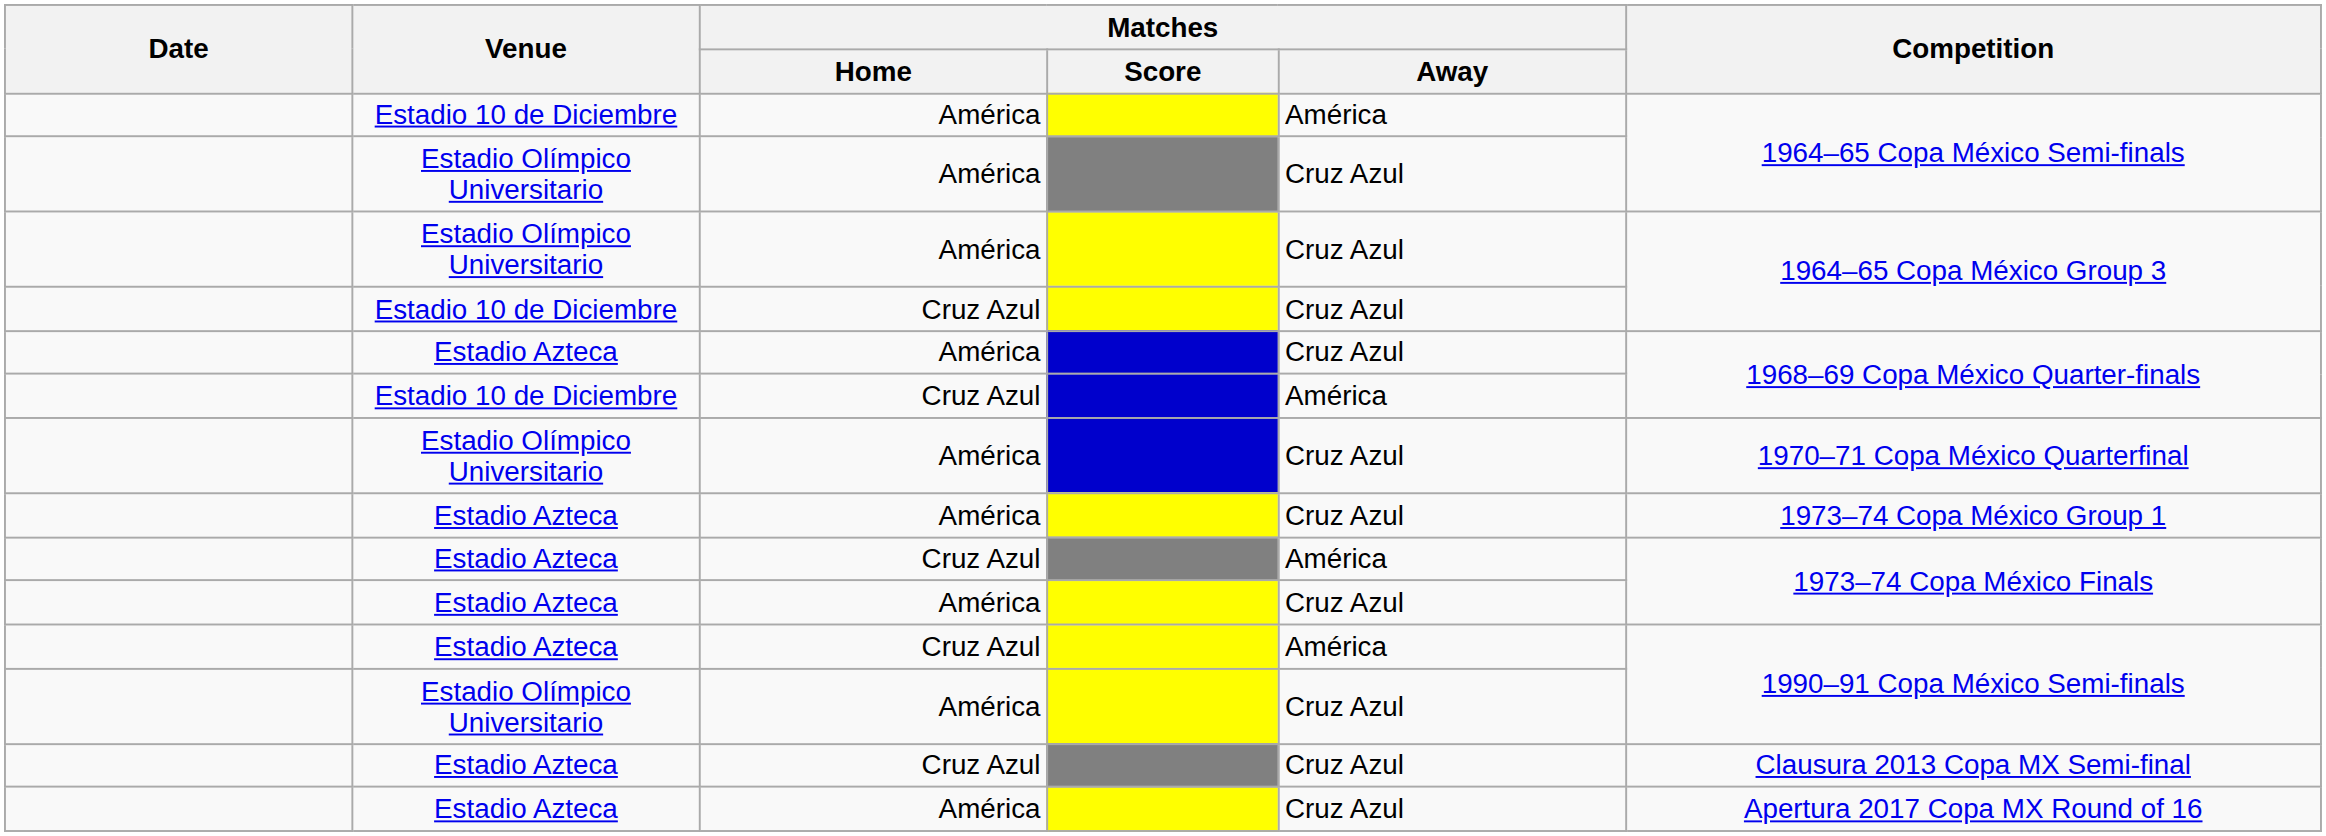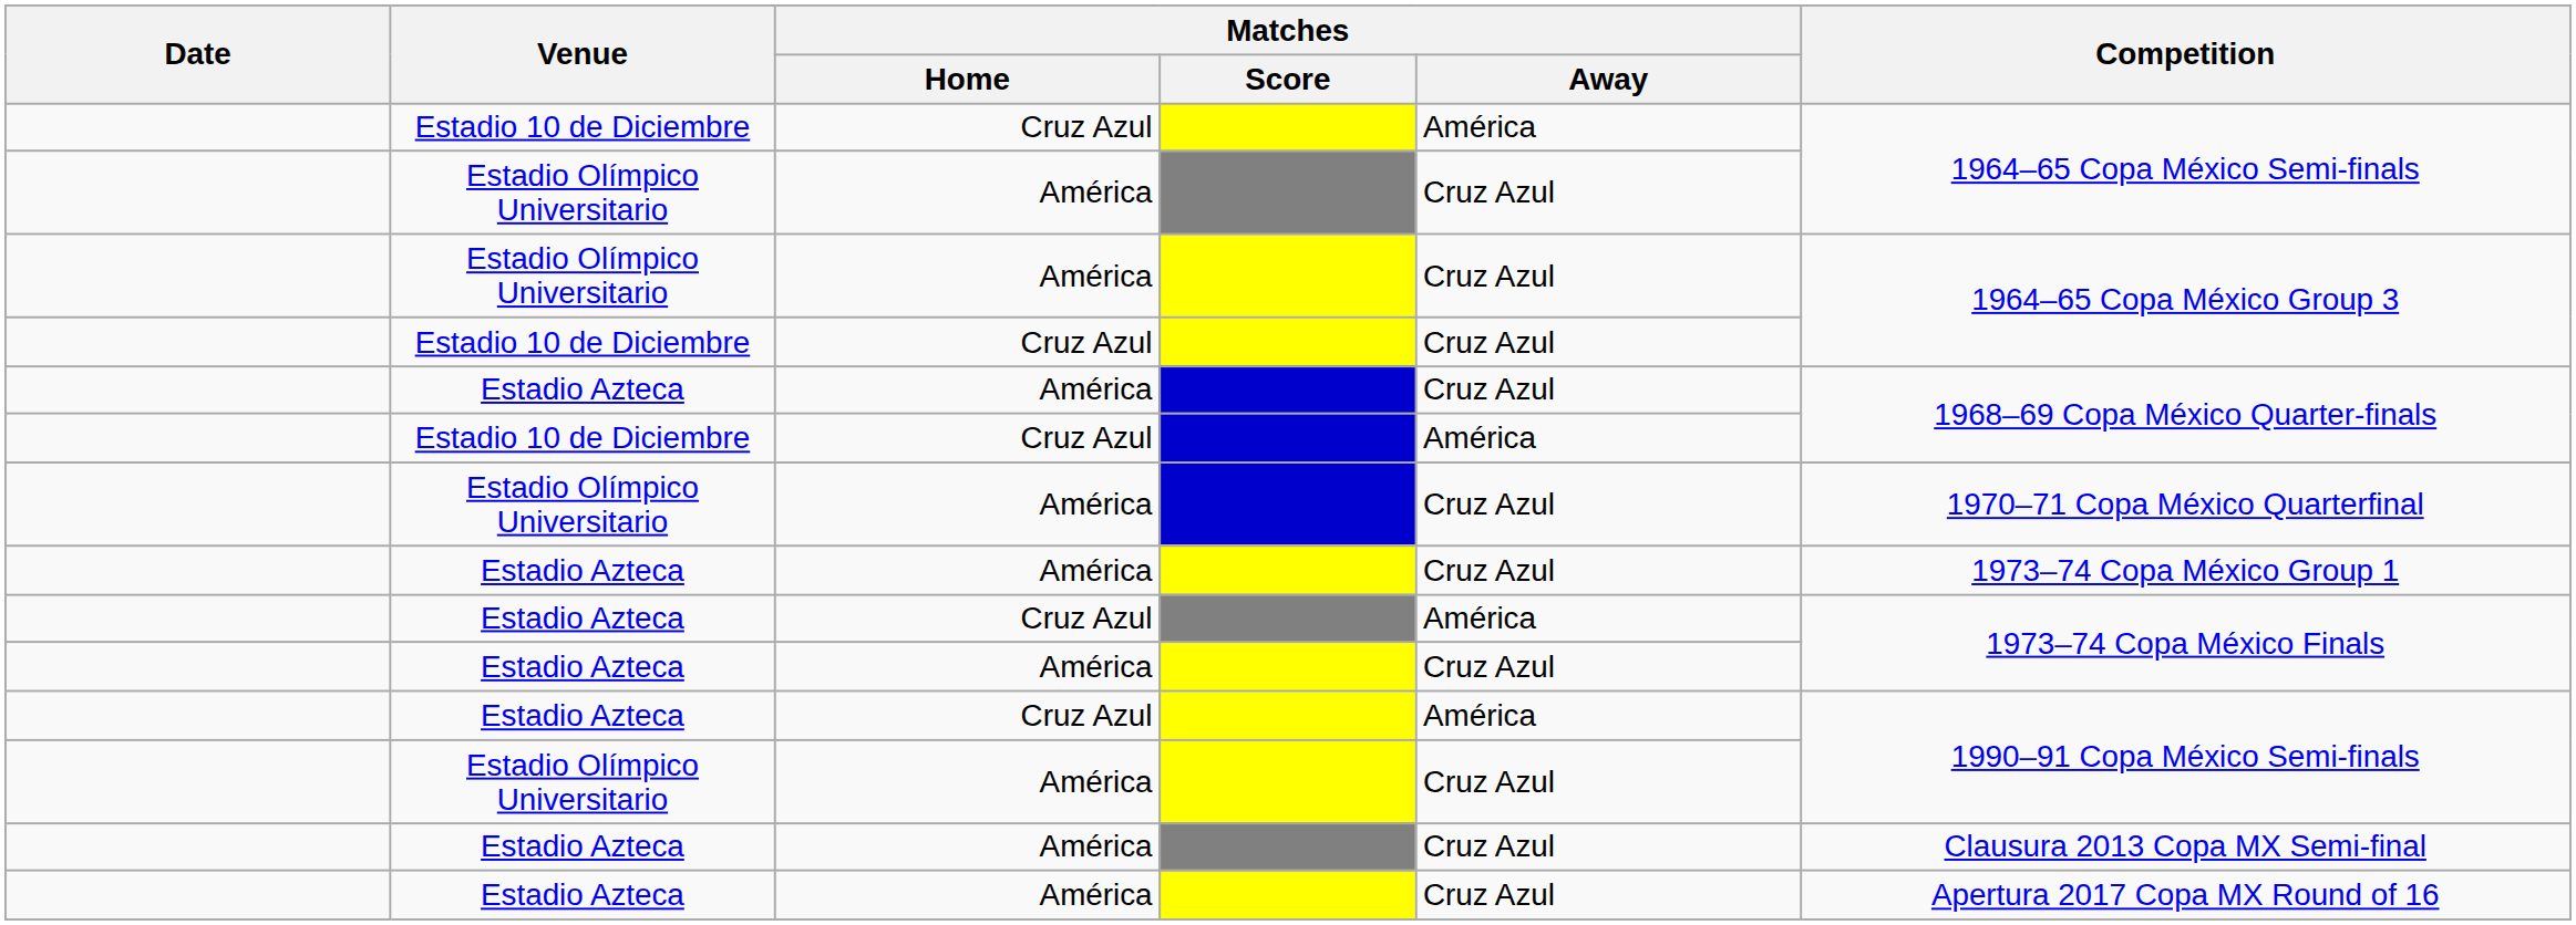 <table class="wikitable" style="font-size:90%;width:95%;text-align:center">
 <tr>
 <th rowspan="2" width="15%">Date</th>
 <th rowspan="2" width="15%">Venue</th>
 <th colspan="3" width="40%">Matches</th>
 <th rowspan="2" width="30%">Competition</th>
 </tr>
 <tr>
 <th width="15%">Home</th>
 <th width="10%">Score</th>
 <th width="15%">Away</th>
 </tr>
 <tr>
 <td></td>
 <td><a href='#'>Estadio 10 de Diciembre</a></td>
-<td align="right">América</td>
+<td align="right">Cruz Azul</td>
 <td bgcolor=FFFF00></td>
 <td align="left">América</td>
 <td rowspan=2><a href='#'>1964–65 Copa México Semi-finals</a></td>
 </tr>
 <tr>
 <td></td>
 <td><a href='#'>Estadio Olímpico Universitario</a></td>
 <td align="right">América</td>
 <td bgcolor=808080></td>
 <td align="left">Cruz Azul</td>
 </tr>
 <tr>
 <td></td>
 <td><a href='#'>Estadio Olímpico Universitario</a></td>
 <td align="right">América</td>
 <td bgcolor=FFFF00></td>
 <td align="left">Cruz Azul</td>
 <td rowspan=2><a href='#'>1964–65 Copa México Group 3</a></td>
 </tr>
 <tr>
 <td></td>
 <td><a href='#'>Estadio 10 de Diciembre</a></td>
 <td align="right">Cruz Azul</td>
 <td bgcolor=FFFF00></td>
 <td align="left">Cruz Azul</td>
 </tr>
 <tr>
 <td></td>
 <td><a href='#'>Estadio Azteca</a></td>
 <td align="right">América</td>
 <td bgcolor=0000CC></td>
 <td align="left">Cruz Azul</td>
 <td rowspan=2><a href='#'>1968–69 Copa México Quarter-finals</a></td>
 </tr>
 <tr>
 <td></td>
 <td><a href='#'>Estadio 10 de Diciembre</a></td>
 <td align="right">Cruz Azul</td>
 <td bgcolor=0000CC></td>
 <td align="left">América</td>
 </tr>
 <tr>
 <td></td>
 <td><a href='#'>Estadio Olímpico Universitario</a></td>
 <td align="right">América</td>
 <td bgcolor=0000CC></td>
 <td align="left">Cruz Azul</td>
 <td><a href='#'>1970–71 Copa México Quarterfinal</a></td>
 </tr>
 <tr>
 <td></td>
 <td><a href='#'>Estadio Azteca</a></td>
 <td align="right">América</td>
 <td bgcolor=FFFF00></td>
 <td align="left">Cruz Azul</td>
 <td><a href='#'>1973–74 Copa México Group 1</a></td>
 </tr>
 <tr>
 <td></td>
 <td><a href='#'>Estadio Azteca</a></td>
 <td align="right">Cruz Azul</td>
 <td bgcolor=808080></td>
 <td align="left">América</td>
 <td rowspan=2><a href='#'>1973–74 Copa México Finals</a></td>
 </tr>
 <tr>
 <td></td>
 <td><a href='#'>Estadio Azteca</a></td>
 <td align="right">América</td>
 <td bgcolor=FFFF00></td>
 <td align="left">Cruz Azul</td>
 </tr>
 <tr>
 <td></td>
 <td><a href='#'>Estadio Azteca</a></td>
 <td align="right">Cruz Azul</td>
 <td bgcolor=FFFF00></td>
 <td align="left">América</td>
 <td rowspan=2><a href='#'>1990–91 Copa México Semi-finals</a></td>
 </tr>
 <tr>
 <td></td>
 <td><a href='#'>Estadio Olímpico Universitario</a></td>
 <td align="right">América</td>
 <td bgcolor=FFFF00></td>
 <td align="left">Cruz Azul</td>
 </tr>
 <tr>
 <td></td>
 <td><a href='#'>Estadio Azteca</a></td>
-<td align="right">Cruz Azul</td>
+<td align="right">América</td>
 <td bgcolor=808080></td>
 <td align="left">Cruz Azul</td>
 <td><a href='#'>Clausura 2013 Copa MX Semi-final</a></td>
 </tr>
 <tr>
 <td></td>
 <td><a href='#'>Estadio Azteca</a></td>
 <td align="right">América</td>
 <td bgcolor=FFFF00></td>
 <td align="left">Cruz Azul</td>
 <td><a href='#'>Apertura 2017 Copa MX Round of 16</a></td>
 </tr>
 </table>
